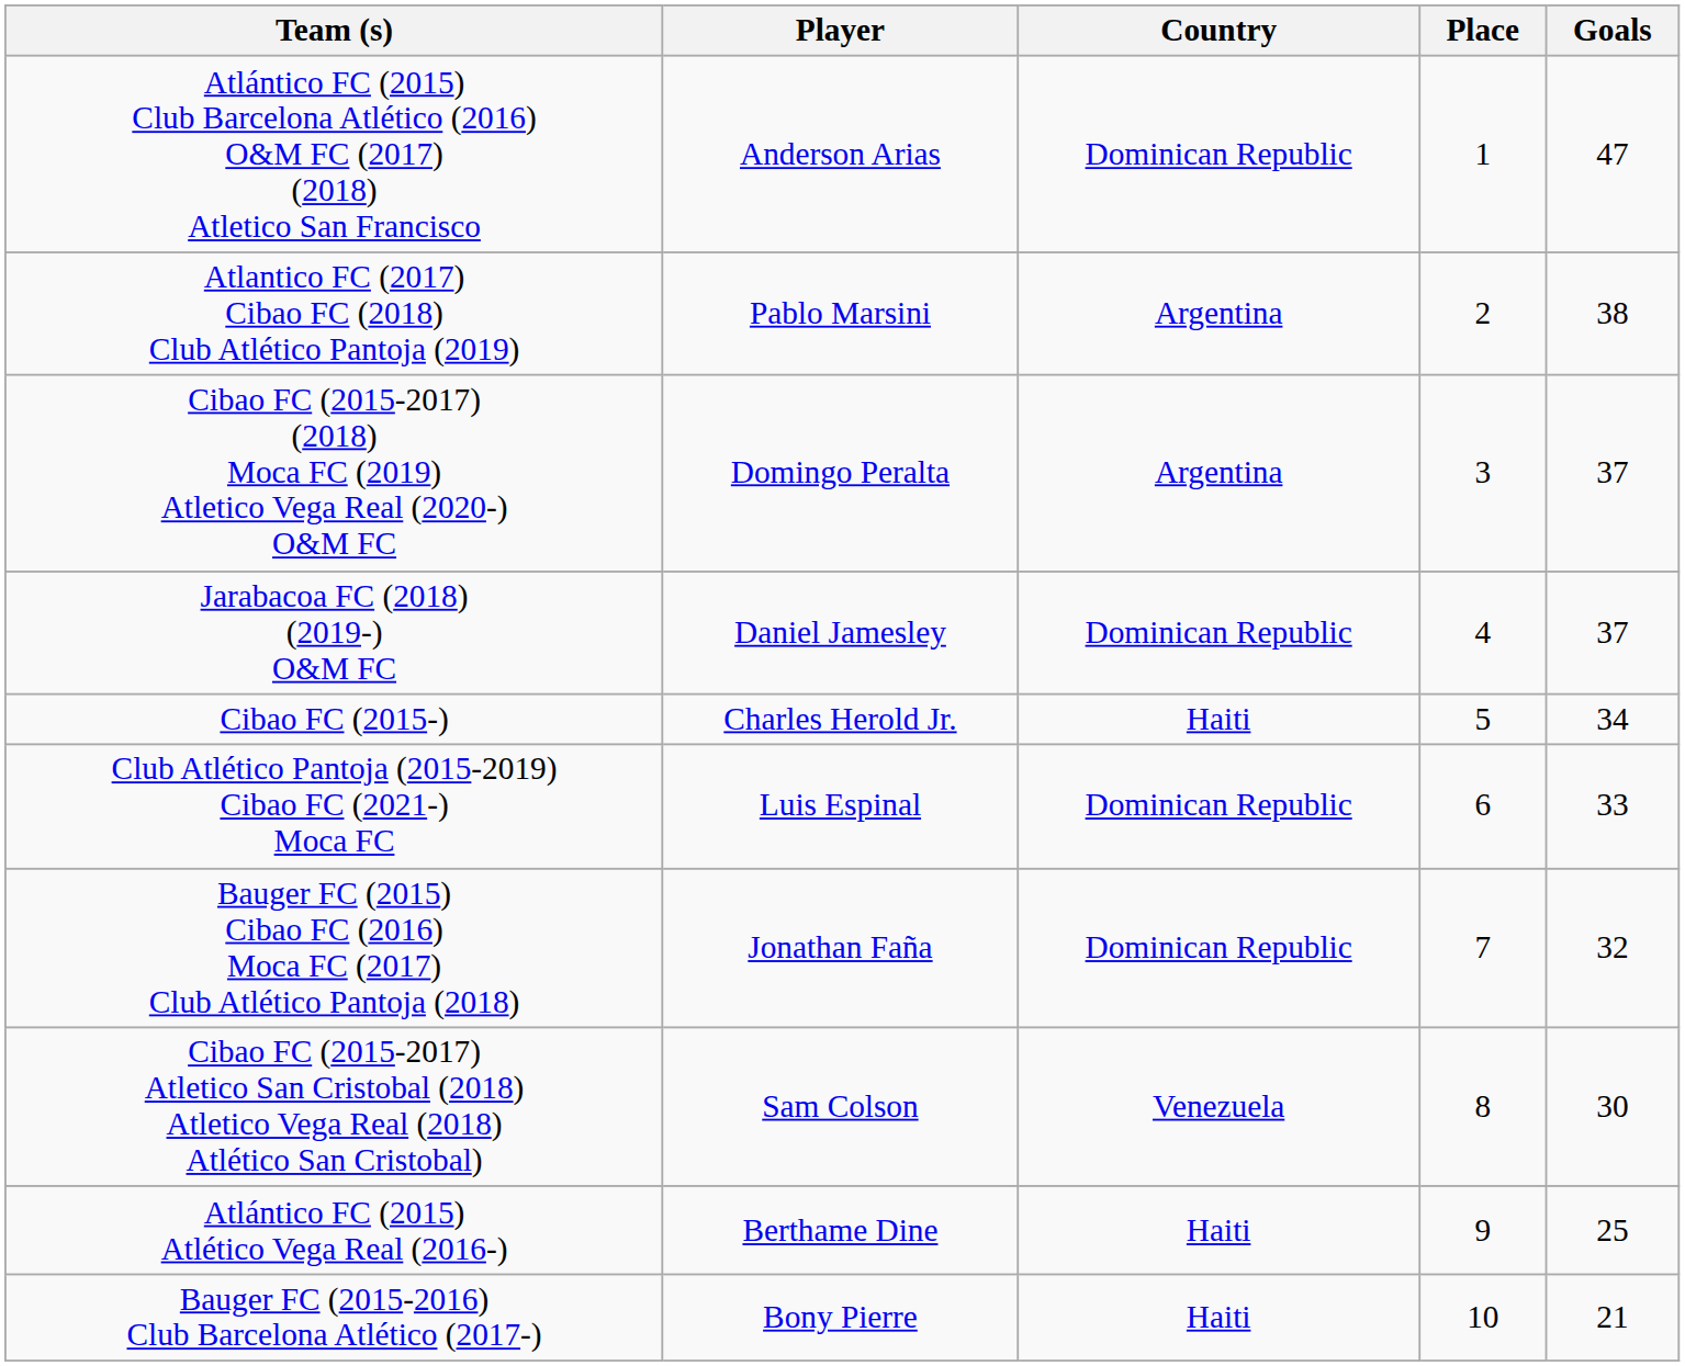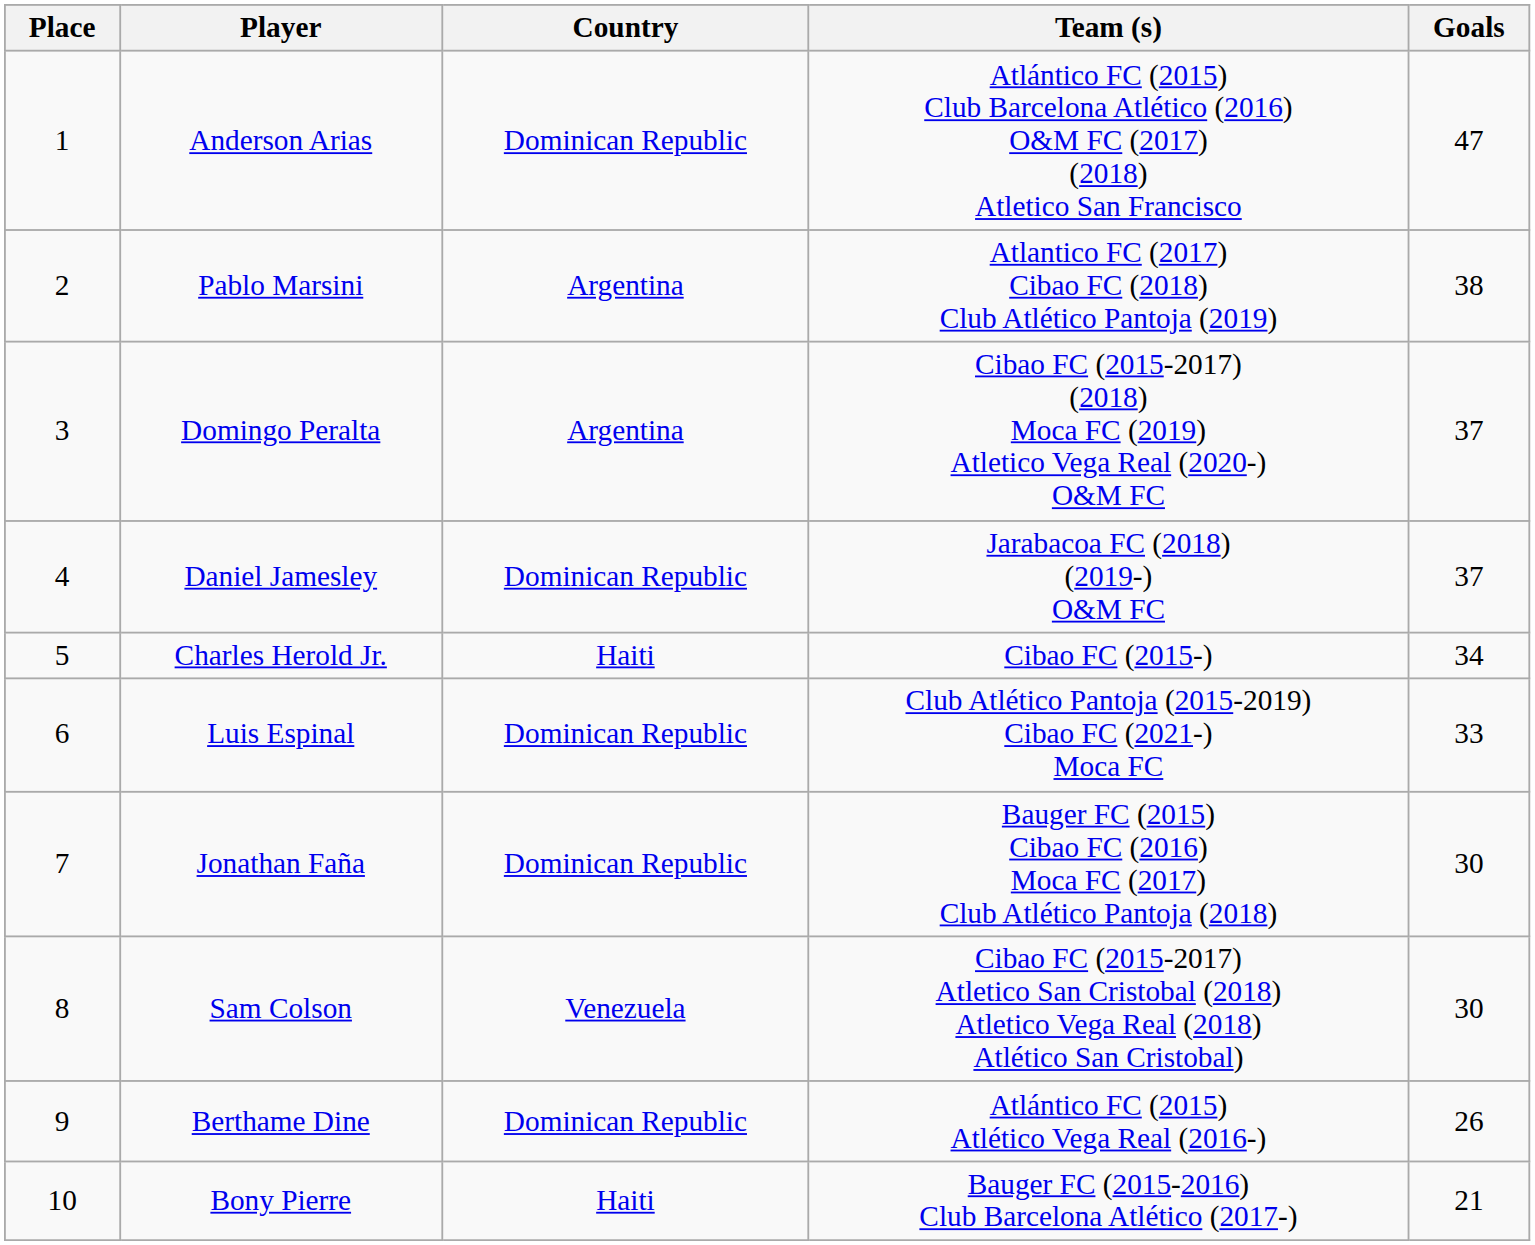 <table class="wikitable sortable" style="font-size:100%; text-align: center; width:66%;">
 <tr>
-<th>Team (s)</th>
+<th>Place</th>
 <th>Player</th>
 <th>Country</th>
-<th>Place</th>
+<th>Team (s)</th>
 <th>Goals</th>
 </tr>
 <tr align=center>
-<td><a href='#'>Atlántico FC</a> (<a href='#'>2015</a>)<br><a href='#'>Club Barcelona Atlético</a> (<a href='#'>2016</a>)<br><a href='#'>O&M FC</a> (<a href='#'>2017</a>)<br>(<a href='#'>2018</a>)<br><a href='#'>Atletico San Francisco</a></td>
+<td>1</td>
 <td><a href='#'>Anderson Arias</a></td>
 <td> <a href='#'>Dominican Republic</a></td>
-<td>1</td>
+<td><a href='#'>Atlántico FC</a> (<a href='#'>2015</a>)<br><a href='#'>Club Barcelona Atlético</a> (<a href='#'>2016</a>)<br><a href='#'>O&M FC</a> (<a href='#'>2017</a>)<br>(<a href='#'>2018</a>)<br><a href='#'>Atletico San Francisco</a></td>
 <td>47</td>
 </tr>
 <tr align=center>
-<td><a href='#'>Atlantico FC</a> (<a href='#'>2017</a>)<br><a href='#'>Cibao FC</a> (<a href='#'>2018</a>)<br><a href='#'>Club Atlético Pantoja</a> (<a href='#'>2019</a>)</td>
+<td>2</td>
 <td><a href='#'>Pablo Marsini</a></td>
 <td> <a href='#'>Argentina</a></td>
-<td>2</td>
+<td><a href='#'>Atlantico FC</a> (<a href='#'>2017</a>)<br><a href='#'>Cibao FC</a> (<a href='#'>2018</a>)<br><a href='#'>Club Atlético Pantoja</a> (<a href='#'>2019</a>)</td>
 <td>38</td>
 </tr>
 <tr align=center>
-<td><a href='#'>Cibao FC</a> (<a href='#'>2015</a>-2017)<br>(<a href='#'>2018</a>)<br><a href='#'>Moca FC</a>  (<a href='#'>2019</a>)<br><a href='#'>Atletico Vega Real</a> (<a href='#'>2020</a>-)<br><a href='#'>O&M FC</a></td>
+<td>3</td>
 <td><a href='#'>Domingo Peralta</a></td>
 <td> <a href='#'>Argentina</a></td>
-<td>3</td>
+<td><a href='#'>Cibao FC</a> (<a href='#'>2015</a>-2017)<br>(<a href='#'>2018</a>)<br><a href='#'>Moca FC</a>  (<a href='#'>2019</a>)<br><a href='#'>Atletico Vega Real</a> (<a href='#'>2020</a>-)<br><a href='#'>O&M FC</a></td>
 <td>37</td>
 </tr>
 <tr align=center>
-<td><a href='#'>Jarabacoa FC</a> (<a href='#'>2018</a>)<br>(<a href='#'>2019</a>-)<br><a href='#'>O&M FC</a></td>
+<td>4</td>
 <td><a href='#'>Daniel Jamesley</a></td>
 <td> <a href='#'>Dominican Republic</a></td>
-<td>4</td>
+<td><a href='#'>Jarabacoa FC</a> (<a href='#'>2018</a>)<br>(<a href='#'>2019</a>-)<br><a href='#'>O&M FC</a></td>
 <td>37</td>
 </tr>
 <tr align=center>
-<td><a href='#'>Cibao FC</a> (<a href='#'>2015</a>-)</td>
+<td>5</td>
 <td><a href='#'>Charles Herold Jr.</a></td>
 <td> <a href='#'>Haiti</a></td>
-<td>5</td>
+<td><a href='#'>Cibao FC</a> (<a href='#'>2015</a>-)</td>
 <td>34</td>
 </tr>
 <tr align=center>
-<td><a href='#'>Club Atlético Pantoja</a> (<a href='#'>2015</a>-2019)<br><a href='#'>Cibao FC</a> (<a href='#'>2021</a>-)<br><a href='#'>Moca FC</a></td>
+<td>6</td>
 <td><a href='#'>Luis Espinal</a></td>
 <td> <a href='#'>Dominican Republic</a></td>
-<td>6</td>
+<td><a href='#'>Club Atlético Pantoja</a> (<a href='#'>2015</a>-2019)<br><a href='#'>Cibao FC</a> (<a href='#'>2021</a>-)<br><a href='#'>Moca FC</a></td>
 <td>33</td>
 </tr>
 <tr align=center>
-<td><a href='#'>Bauger FC</a> (<a href='#'>2015</a>)<br><a href='#'>Cibao FC</a> (<a href='#'>2016</a>)<br><a href='#'>Moca FC</a> (<a href='#'>2017</a>)<br><a href='#'>Club Atlético Pantoja</a> (<a href='#'>2018</a>)</td>
+<td>7</td>
 <td><a href='#'>Jonathan Faña</a></td>
 <td> <a href='#'>Dominican Republic</a></td>
-<td>7</td>
-<td>32</td>
-</tr>
-<tr align=center>
-<td><a href='#'>Cibao FC</a> (<a href='#'>2015</a>-2017)<br><a href='#'>Atletico San Cristobal</a> (<a href='#'>2018</a>)<br><a href='#'>Atletico Vega Real</a> (<a href='#'>2018</a>)<br><a href='#'>Atlético San Cristobal</a>)</td>
-<td><a href='#'>Sam Colson</a></td>
-<td> <a href='#'>Venezuela</a></td>
-<td>8</td>
+<td><a href='#'>Bauger FC</a> (<a href='#'>2015</a>)<br><a href='#'>Cibao FC</a> (<a href='#'>2016</a>)<br><a href='#'>Moca FC</a> (<a href='#'>2017</a>)<br><a href='#'>Club Atlético Pantoja</a> (<a href='#'>2018</a>)</td>
 <td>30</td>
 </tr>
 <tr align=center>
-<td><a href='#'>Atlántico FC</a> (<a href='#'>2015</a>)<br><a href='#'>Atlético Vega Real</a> (<a href='#'>2016</a>-)</td>
-<td><a href='#'>Berthame Dine</a></td>
-<td> <a href='#'>Haiti</a></td>
-<td>9</td>
-<td>25</td>
+<td>8</td>
+<td><a href='#'>Sam Colson</a></td>
+<td> <a href='#'>Venezuela</a></td>
+<td><a href='#'>Cibao FC</a> (<a href='#'>2015</a>-2017)<br><a href='#'>Atletico San Cristobal</a> (<a href='#'>2018</a>)<br><a href='#'>Atletico Vega Real</a> (<a href='#'>2018</a>)<br><a href='#'>Atlético San Cristobal</a>)</td>
+<td>30</td>
 </tr>
 <tr align=center>
-<td><a href='#'>Bauger FC</a> (<a href='#'>2015</a>-<a href='#'>2016</a>)<br><a href='#'>Club Barcelona Atlético</a> (<a href='#'>2017</a>-)</td>
+<td>9</td>
+<td><a href='#'>Berthame Dine</a></td>
+<td> <a href='#'>Dominican Republic</a></td>
+<td><a href='#'>Atlántico FC</a> (<a href='#'>2015</a>)<br><a href='#'>Atlético Vega Real</a> (<a href='#'>2016</a>-)</td>
+<td>26</td>
+</tr>
+<tr align=center>
+<td>10</td>
 <td><a href='#'>Bony Pierre</a></td>
 <td> <a href='#'>Haiti</a></td>
-<td>10</td>
+<td><a href='#'>Bauger FC</a> (<a href='#'>2015</a>-<a href='#'>2016</a>)<br><a href='#'>Club Barcelona Atlético</a> (<a href='#'>2017</a>-)</td>
 <td>21</td>
 </tr>
 </table>
